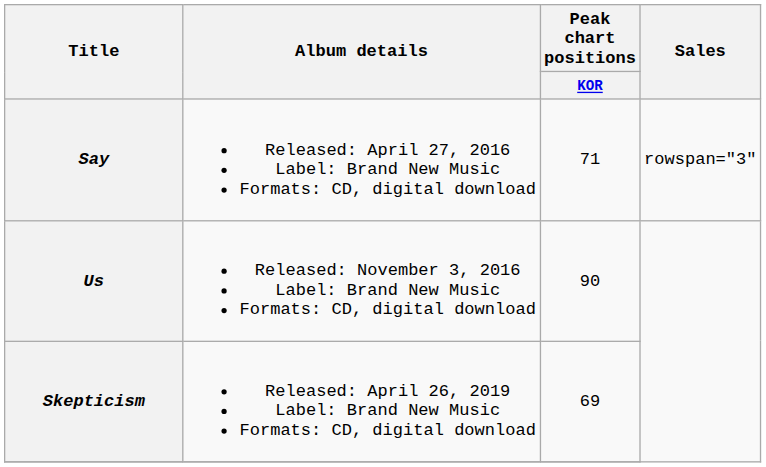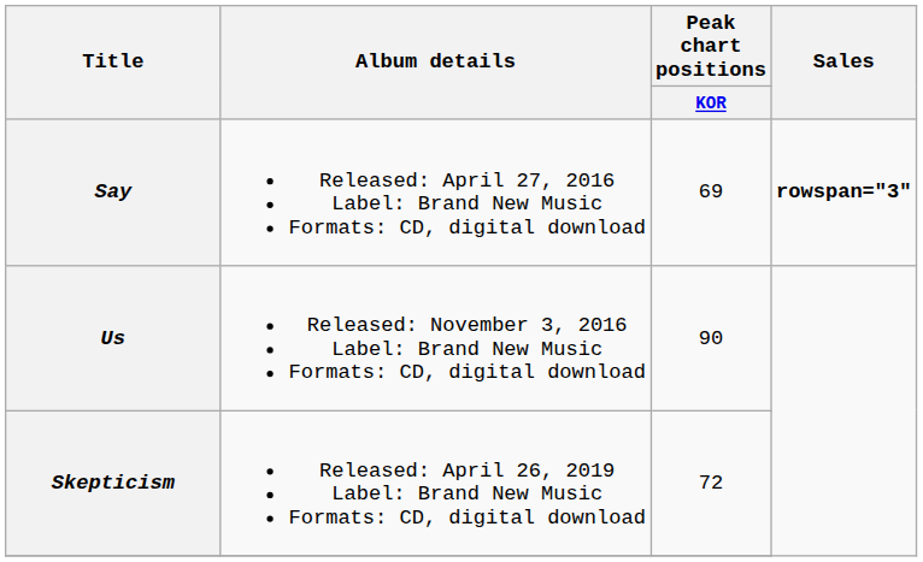 <table class="wikitable plainrowheaders" style="text-align:center;">
 <tr>
 <th scope="col" rowspan="2" style="width:10em;">Title</th>
 <th scope="col" rowspan="2">Album details</th>
 <th scope="col" colspan="1" style="width:5em;">Peak chart positions</th>
 <th scope="col" rowspan="2">Sales</th>
 </tr>
 <tr>
 <th><small><a href='#'>KOR</a></small><br></th>
 </tr>
 <tr>
 <th scope="row"><em>Say</em></th>
 <td><br><ul><li>Released: April 27, 2016</li><li>Label: Brand New Music</li><li>Formats: CD, digital download</li></ul></td>
-<td>71</td>
-<td>rowspan="3" </td>
+<td>69</td>
+<td><strong>rowspan="3" </strong></td>
 </tr>
 <tr>
 <th scope="row"><em>Us</em></th>
 <td><br><ul><li>Released: November 3, 2016</li><li>Label: Brand New Music</li><li>Formats: CD, digital download</li></ul></td>
 <td>90</td>
 </tr>
 <tr>
 <th scope="row"><em>Skepticism</em></th>
 <td><br><ul><li>Released: April 26, 2019</li><li>Label: Brand New Music</li><li>Formats: CD, digital download</li></ul></td>
-<td>69</td>
+<td>72</td>
 </tr>
 <tr>
 </tr>
 </table>
